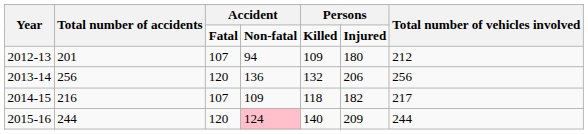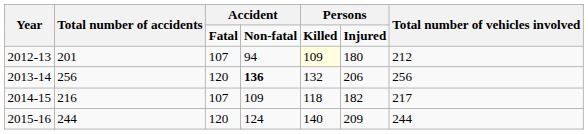 <table class="wikitable">
 <tr>
 <th rowspan="2">Year</th>
 <th rowspan="2">Total number of accidents</th>
 <th colspan="2">Accident</th>
 <th colspan="2">Persons</th>
 <th rowspan="2">Total number of vehicles involved</th>
 </tr>
 <tr>
 <td><strong>Fatal</strong></td>
 <td><strong>Non-fatal</strong></td>
 <td><strong>Killed</strong></td>
 <td><strong>Injured</strong></td>
 </tr>
 <tr>
 <td>2012-13</td>
 <td>201</td>
 <td>107</td>
 <td>94</td>
-<td>109</td>
+<td style="background: lightyellow;">109</td>
 <td>180</td>
 <td>212</td>
 </tr>
 <tr>
 <td>2013-14</td>
 <td>256</td>
 <td>120</td>
-<td>136</td>
+<td><strong>136</strong></td>
 <td>132</td>
 <td>206</td>
 <td>256</td>
 </tr>
 <tr>
 <td>2014-15</td>
 <td>216</td>
 <td>107</td>
 <td>109</td>
 <td>118</td>
 <td>182</td>
 <td>217</td>
 </tr>
 <tr>
 <td>2015-16</td>
 <td>244</td>
 <td>120</td>
-<td style="background: pink;">124</td>
+<td>124</td>
 <td>140</td>
 <td>209</td>
 <td>244</td>
 </tr>
 </table>
